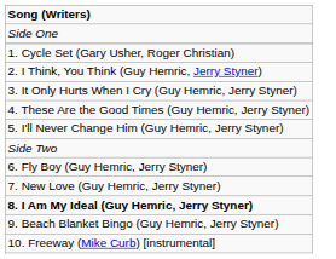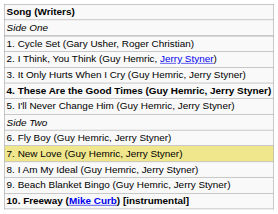 <table class="wikitable">
 <tr>
 <td><strong>Song (Writers)</strong></td>
 </tr>
 <tr>
 <td><em>Side One</em></td>
 </tr>
 <tr>
 </tr>
 <tr>
 <td>1. Cycle Set (Gary Usher, Roger Christian)</td>
 </tr>
 <tr>
 <td>2. I Think, You Think (Guy Hemric, <a href='#'>Jerry Styner</a>)</td>
 </tr>
 <tr>
 <td>3. It Only Hurts When I Cry (Guy Hemric, Jerry Styner)</td>
 </tr>
 <tr>
-<td>4. These Are the Good Times (Guy Hemric, Jerry Styner)</td>
+<td><strong>4. These Are the Good Times (Guy Hemric, Jerry Styner)</strong></td>
 </tr>
 <tr>
 <td>5. I'll Never Change Him (Guy Hemric, Jerry Styner)</td>
 </tr>
 <tr>
 <td><em>Side Two</em></td>
 </tr>
 <tr>
 <td>6. Fly Boy (Guy Hemric, Jerry Styner)</td>
 </tr>
 <tr>
-<td>7. New Love (Guy Hemric, Jerry Styner)</td>
+<td style="background: khaki;">7. New Love (Guy Hemric, Jerry Styner)</td>
 </tr>
 <tr>
-<td><strong>8. I Am My Ideal (Guy Hemric, Jerry Styner)</strong></td>
+<td>8. I Am My Ideal (Guy Hemric, Jerry Styner)</td>
 </tr>
 <tr>
 <td>9. Beach Blanket Bingo (Guy Hemric, Jerry Styner)</td>
 </tr>
 <tr>
-<td>10. Freeway (<a href='#'>Mike Curb</a>) [instrumental]</td>
+<td><strong>10. Freeway (<a href='#'>Mike Curb</a>) [instrumental]</strong></td>
 </tr>
 </table>
